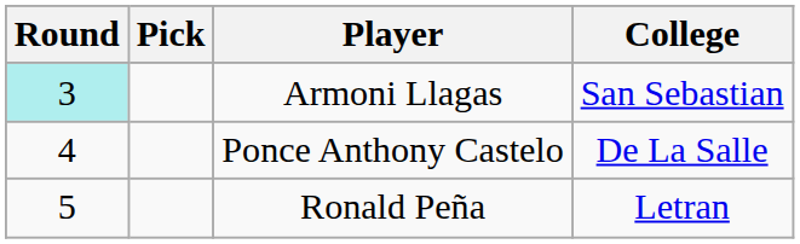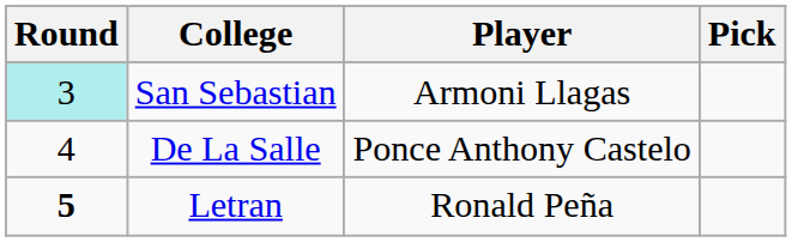 <table class="wikitable sortable sortable">
 <tr>
 <th>Round</th>
+<th>College</th>
+<th>Player</th>
 <th>Pick</th>
-<th>Player</th>
-<th>College</th>
 </tr>
 <tr style="text-align: center">
 <td align="center" style="background: paleturquoise;">3</td>
+<td><a href='#'>San Sebastian</a></td>
+<td>Armoni Llagas</td>
 <td align="center"></td>
-<td>Armoni Llagas</td>
-<td><a href='#'>San Sebastian</a></td>
 </tr>
 <tr style="text-align: center">
 <td align="center">4</td>
+<td><a href='#'>De La Salle</a></td>
+<td>Ponce Anthony Castelo</td>
 <td align="center"></td>
-<td>Ponce Anthony Castelo</td>
-<td><a href='#'>De La Salle</a></td>
 </tr>
 <tr style="text-align: center">
-<td align="center">5</td>
+<td align="center"><strong>5</strong></td>
+<td><a href='#'>Letran</a></td>
+<td>Ronald Peña</td>
 <td align="center"></td>
-<td>Ronald Peña</td>
-<td><a href='#'>Letran</a></td>
 </tr>
 </table>
